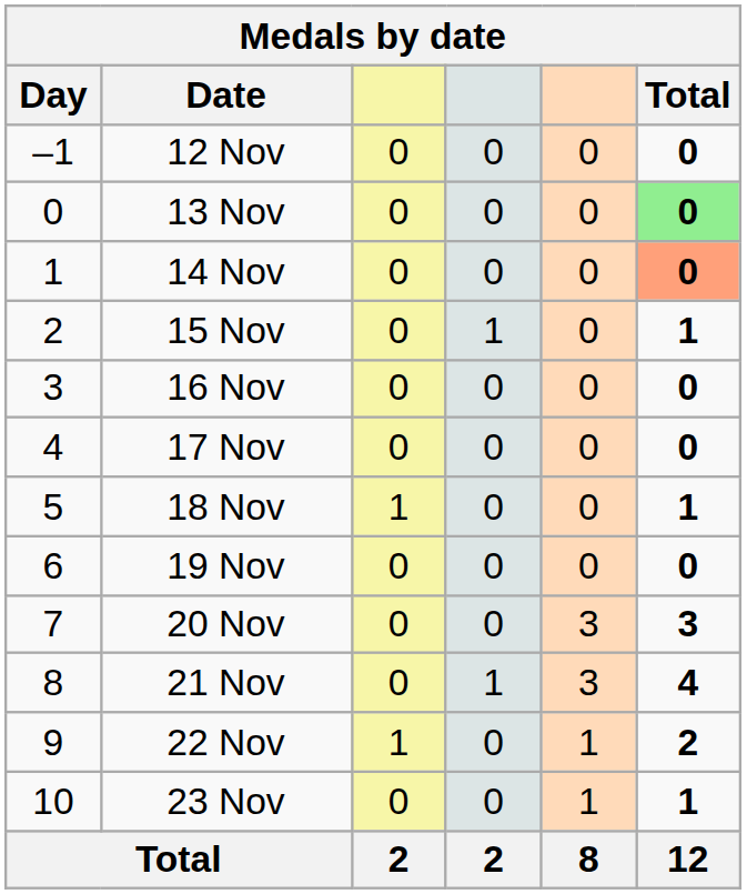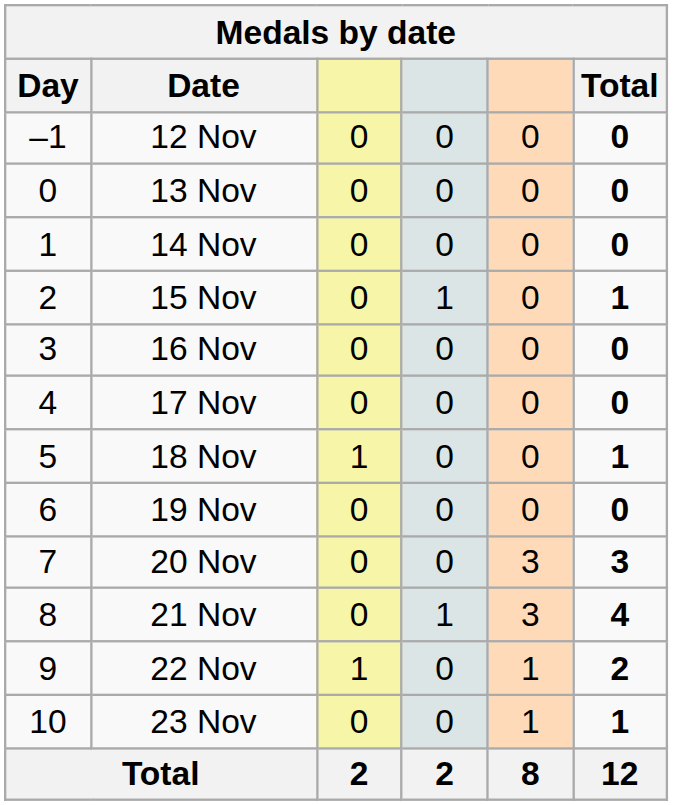 <table class="wikitable" style="font-size:90%; text-align:center;">
 <tr style="background:#efefef;">
 <th colspan=6><strong>Medals by date</strong></th>
 </tr>
 <tr>
 <th width=30><strong>Day</strong></th>
 <th width=90><strong>Date</strong></th>
 <th width=30 style="background:#F7F6A8;"></th>
 <th width=30 style="background:#DCE5E5;"></th>
 <th width=30 style="background:#FFDAB9;"></th>
 <th width=30><strong>Total</strong></th>
 </tr>
 <tr>
 <td>–1</td>
 <td>12 Nov</td>
 <td style="background:#F7F6A8;">0</td>
 <td style="background:#DCE5E5;">0</td>
 <td style="background:#FFDAB9;">0</td>
 <td><strong>0</strong></td>
 </tr>
 <tr>
 <td>0</td>
 <td>13 Nov</td>
 <td style="background:#F7F6A8;">0</td>
 <td style="background:#DCE5E5;">0</td>
 <td style="background:#FFDAB9;">0</td>
-<td style="background: lightgreen;"><strong>0</strong></td>
+<td><strong>0</strong></td>
 </tr>
 <tr>
 <td>1</td>
 <td>14 Nov</td>
 <td style="background:#F7F6A8;">0</td>
 <td style="background:#DCE5E5;">0</td>
 <td style="background:#FFDAB9;">0</td>
-<td style="background: lightsalmon;"><strong>0</strong></td>
+<td><strong>0</strong></td>
 </tr>
 <tr>
 <td>2</td>
 <td>15 Nov</td>
 <td style="background:#F7F6A8;">0</td>
 <td style="background:#DCE5E5;">1</td>
 <td style="background:#FFDAB9;">0</td>
 <td><strong>1</strong></td>
 </tr>
 <tr>
 <td>3</td>
 <td>16 Nov</td>
 <td style="background:#F7F6A8;">0</td>
 <td style="background:#DCE5E5;">0</td>
 <td style="background:#FFDAB9;">0</td>
 <td><strong>0</strong></td>
 </tr>
 <tr>
 <td>4</td>
 <td>17 Nov</td>
 <td style="background:#F7F6A8;">0</td>
 <td style="background:#DCE5E5;">0</td>
 <td style="background:#FFDAB9;">0</td>
 <td><strong>0</strong></td>
 </tr>
 <tr>
 <td>5</td>
 <td>18 Nov</td>
 <td style="background:#F7F6A8;">1</td>
 <td style="background:#DCE5E5;">0</td>
 <td style="background:#FFDAB9;">0</td>
 <td><strong>1</strong></td>
 </tr>
 <tr>
 <td>6</td>
 <td>19 Nov</td>
 <td style="background:#F7F6A8;">0</td>
 <td style="background:#DCE5E5;">0</td>
 <td style="background:#FFDAB9;">0</td>
 <td><strong>0</strong></td>
 </tr>
 <tr>
 <td>7</td>
 <td>20 Nov</td>
 <td style="background:#F7F6A8;">0</td>
 <td style="background:#DCE5E5;">0</td>
 <td style="background:#FFDAB9;">3</td>
 <td><strong>3</strong></td>
 </tr>
 <tr>
 <td>8</td>
 <td>21 Nov</td>
 <td style="background:#F7F6A8;">0</td>
 <td style="background:#DCE5E5;">1</td>
 <td style="background:#FFDAB9;">3</td>
 <td><strong>4</strong></td>
 </tr>
 <tr>
 <td>9</td>
 <td>22 Nov</td>
 <td style="background:#F7F6A8;">1</td>
 <td style="background:#DCE5E5;">0</td>
 <td style="background:#FFDAB9;">1</td>
 <td><strong>2</strong></td>
 </tr>
 <tr>
 <td>10</td>
 <td>23 Nov</td>
 <td style="background:#F7F6A8;">0</td>
 <td style="background:#DCE5E5;">0</td>
 <td style="background:#FFDAB9;">1</td>
 <td><strong>1</strong></td>
 </tr>
 <tr>
 <th colspan="2"><strong>Total</strong></th>
 <th><strong>2</strong></th>
 <th><strong>2</strong></th>
 <th><strong>8</strong></th>
 <th><strong>12</strong></th>
 </tr>
 </table>
